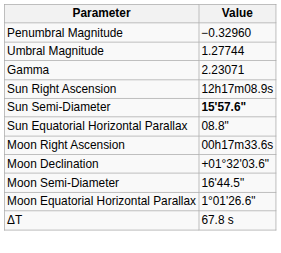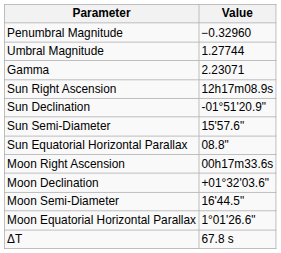 <table class="wikitable">
 <tr>
 <th>Parameter</th>
 <th>Value</th>
 </tr>
 <tr>
 <td>Penumbral Magnitude</td>
 <td>−0.32960</td>
 </tr>
 <tr>
 <td>Umbral Magnitude</td>
 <td>1.27744</td>
 </tr>
 <tr>
 <td>Gamma</td>
 <td>2.23071</td>
 </tr>
 <tr>
 <td>Sun Right Ascension</td>
 <td>12h17m08.9s</td>
 </tr>
 <tr>
+<td>Sun Declination</td>
+<td>-01°51'20.9"</td>
+</tr>
+<tr>
 <td>Sun Semi-Diameter</td>
-<td><strong>15'57.6"</strong></td>
+<td>15'57.6"</td>
 </tr>
 <tr>
 <td>Sun Equatorial Horizontal Parallax</td>
 <td>08.8"</td>
 </tr>
 <tr>
 <td>Moon Right Ascension</td>
 <td>00h17m33.6s</td>
 </tr>
 <tr>
 <td>Moon Declination</td>
 <td>+01°32'03.6"</td>
 </tr>
 <tr>
 <td>Moon Semi-Diameter</td>
 <td>16'44.5"</td>
 </tr>
 <tr>
 <td>Moon Equatorial Horizontal Parallax</td>
 <td>1°01'26.6"</td>
 </tr>
 <tr>
 <td>ΔT</td>
 <td>67.8 s</td>
 </tr>
 </table>
